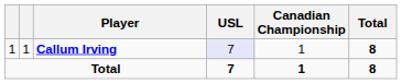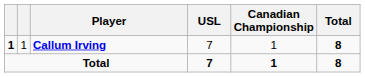 <table class="wikitable sortable" style="font-size: 95%; text-align: center;">
 <tr>
 <th width=10></th>
 <th width=10></th>
 <th width=200>Player</th>
 <th width=50>USL</th>
 <th width=50>Canadian Championship</th>
 <th width=50>Total</th>
 </tr>
 <tr>
-<td>1</td>
+<td><strong>1</strong></td>
 <td>1</td>
 <td align=left><strong> <a href='#'>Callum Irving</a></strong></td>
-<td style="background: lavender;">7</td>
+<td>7</td>
 <td>1</td>
 <td><strong>8</strong></td>
 </tr>
 <tr>
 <td colspan="3"><strong>Total</strong></td>
 <td><strong>7</strong></td>
 <td><strong>1</strong></td>
 <td><strong>8</strong></td>
 </tr>
 </table>
